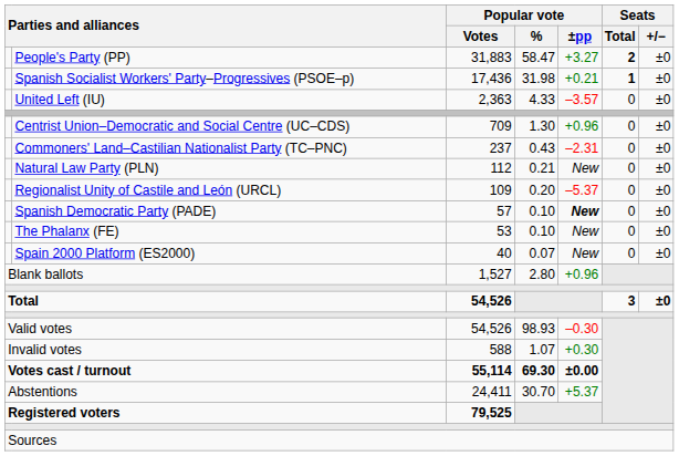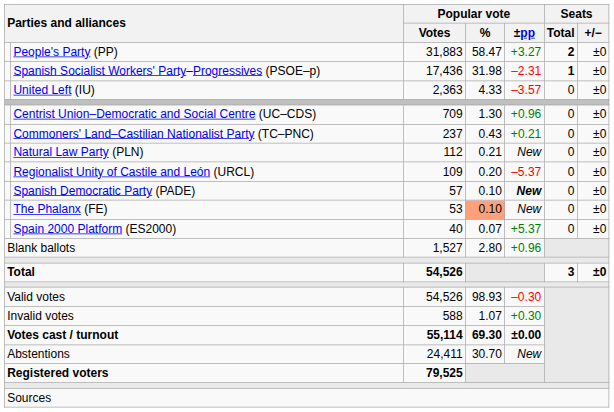 <table class="wikitable" style="text-align:right;">
 <tr>
 <th style="text-align:left;" rowspan="2" colspan="2" width="525">Parties and alliances</th>
 <th colspan="3">Popular vote</th>
 <th colspan="2">Seats</th>
 </tr>
 <tr>
 <th width="75">Votes</th>
 <th width="45">%</th>
 <th width="45">±<a href='#'>pp</a></th>
 <th width="35">Total</th>
 <th width="35">+/−</th>
 </tr>
 <tr>
 <td width="1" style="color:inherit;background:"></td>
 <td align="left"><a href='#'>People's Party</a> (PP)</td>
 <td>31,883</td>
 <td>58.47</td>
 <td style="color:green;">+3.27</td>
 <td><strong>2</strong></td>
 <td>±0</td>
 </tr>
 <tr>
 <td style="color:inherit;background:"></td>
 <td align="left"><a href='#'>Spanish Socialist Workers' Party</a>–<a href='#'>Progressives</a> (PSOE–p)</td>
 <td>17,436</td>
 <td>31.98</td>
-<td style="color:green;">+0.21</td>
+<td style="color:red;">–2.31</td>
 <td><strong>1</strong></td>
 <td>±0</td>
 </tr>
 <tr>
 <td style="color:inherit;background:"></td>
 <td align="left"><a href='#'>United Left</a> (IU)</td>
 <td>2,363</td>
 <td>4.33</td>
 <td style="color:red;">–3.57</td>
 <td>0</td>
 <td>±0</td>
 </tr>
 <tr>
 <td colspan="7" bgcolor="#C0C0C0"></td>
 </tr>
 <tr>
 <td style="color:inherit;background:"></td>
 <td align="left"><a href='#'>Centrist Union–Democratic and Social Centre</a> (UC–CDS)</td>
 <td>709</td>
 <td>1.30</td>
 <td style="color:green;">+0.96</td>
 <td>0</td>
 <td>±0</td>
 </tr>
 <tr>
 <td style="color:inherit;background:"></td>
 <td align="left"><a href='#'>Commoners' Land–Castilian Nationalist Party</a> (TC–PNC)</td>
 <td>237</td>
 <td>0.43</td>
-<td style="color:red;">–2.31</td>
+<td style="color:green;">+0.21</td>
 <td>0</td>
 <td>±0</td>
 </tr>
 <tr>
 <td style="color:inherit;background:"></td>
 <td align="left"><a href='#'>Natural Law Party</a> (PLN)</td>
 <td>112</td>
 <td>0.21</td>
 <td><em>New</em></td>
 <td>0</td>
 <td>±0</td>
 </tr>
 <tr>
 <td style="color:inherit;background:"></td>
 <td align="left"><a href='#'>Regionalist Unity of Castile and León</a> (URCL)</td>
 <td>109</td>
 <td>0.20</td>
 <td style="color:red;">–5.37</td>
 <td>0</td>
 <td>±0</td>
 </tr>
 <tr>
 <td style="color:inherit;background:"></td>
 <td align="left"><a href='#'>Spanish Democratic Party</a> (PADE)</td>
 <td>57</td>
 <td>0.10</td>
 <td><strong><em>New</em></strong></td>
 <td>0</td>
 <td>±0</td>
 </tr>
 <tr>
 <td style="color:inherit;background:"></td>
 <td align="left"><a href='#'>The Phalanx</a> (FE)</td>
 <td>53</td>
-<td>0.10</td>
+<td style="background: lightsalmon;">0.10</td>
 <td><em>New</em></td>
 <td>0</td>
 <td>±0</td>
 </tr>
 <tr>
 <td style="color:inherit;background:"></td>
 <td align="left"><a href='#'>Spain 2000 Platform</a> (ES2000)</td>
 <td>40</td>
 <td>0.07</td>
-<td><em>New</em></td>
+<td style="color:green;">+5.37</td>
 <td>0</td>
 <td>±0</td>
 </tr>
 <tr>
 <td align="left" colspan="2">Blank ballots</td>
 <td>1,527</td>
 <td>2.80</td>
 <td style="color:green;">+0.96</td>
 <td bgcolor="#E9E9E9" colspan="2"></td>
 </tr>
 <tr>
 <td colspan="7" bgcolor="#E9E9E9"></td>
 </tr>
 <tr style="font-weight:bold;">
 <td align="left" colspan="2">Total</td>
 <td>54,526</td>
 <td bgcolor="#E9E9E9" colspan="2"></td>
 <td>3</td>
 <td>±0</td>
 </tr>
 <tr>
 <td colspan="7" bgcolor="#E9E9E9"></td>
 </tr>
 <tr>
 <td align="left" colspan="2">Valid votes</td>
 <td>54,526</td>
 <td>98.93</td>
 <td style="color:red;">–0.30</td>
 <td bgcolor="#E9E9E9" colspan="2" rowspan="5"></td>
 </tr>
 <tr>
 <td align="left" colspan="2">Invalid votes</td>
 <td>588</td>
 <td>1.07</td>
 <td style="color:green;">+0.30</td>
 </tr>
 <tr style="font-weight:bold;">
 <td align="left" colspan="2">Votes cast / turnout</td>
 <td>55,114</td>
 <td>69.30</td>
 <td>±0.00</td>
 </tr>
 <tr>
 <td align="left" colspan="2">Abstentions</td>
 <td>24,411</td>
 <td>30.70</td>
-<td style="color:green;">+5.37</td>
+<td><em>New</em></td>
 </tr>
 <tr style="font-weight:bold;">
 <td align="left" colspan="2">Registered voters</td>
 <td>79,525</td>
 <td bgcolor="#E9E9E9" colspan="2"></td>
 </tr>
 <tr>
 <td colspan="7" bgcolor="#E9E9E9"></td>
 </tr>
 <tr>
 <td align="left" colspan="7">Sources</td>
 </tr>
 </table>
